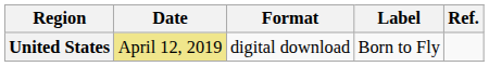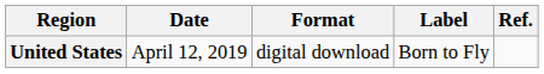 <table class="wikitable plainrowheaders">
 <tr>
 <th scope="col">Region</th>
 <th scope="col">Date</th>
 <th scope="col">Format</th>
 <th scope="col">Label</th>
 <th scope="col">Ref.</th>
 </tr>
 <tr>
 <th scope="row">United States</th>
-<td style="background: khaki;">April 12, 2019</td>
+<td>April 12, 2019</td>
 <td>digital download</td>
 <td>Born to Fly</td>
 <td style="text-align:center;"></td>
 </tr>
 <tr>
 </tr>
 </table>
